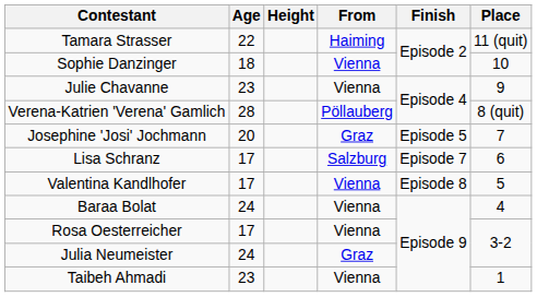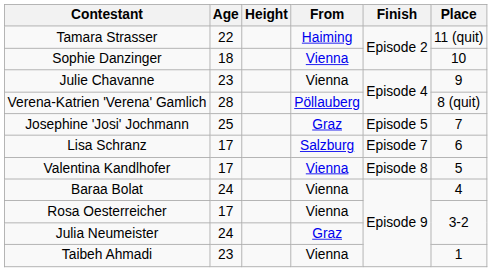 <table class="wikitable sortable" style="text-align:center;">
 <tr>
 <th>Contestant</th>
 <th>Age</th>
 <th>Height</th>
 <th>From</th>
 <th>Finish</th>
 <th>Place</th>
 </tr>
 <tr>
 <td>Tamara Strasser </td>
 <td>22</td>
 <td></td>
 <td><a href='#'>Haiming</a></td>
 <td rowspan="2">Episode 2</td>
 <td>11 (quit)</td>
 </tr>
 <tr>
 <td>Sophie Danzinger </td>
 <td>18</td>
 <td></td>
 <td><a href='#'>Vienna</a></td>
 <td>10</td>
 </tr>
 <tr>
 <td>Julie Chavanne </td>
 <td>23</td>
 <td></td>
 <td>Vienna</td>
 <td rowspan="2">Episode 4</td>
 <td>9</td>
 </tr>
 <tr>
 <td>Verena-Katrien 'Verena' Gamlich </td>
 <td>28</td>
 <td></td>
 <td><a href='#'>Pöllauberg</a></td>
 <td>8 (quit)</td>
 </tr>
 <tr>
 <td>Josephine 'Josi' Jochmann </td>
-<td>20</td>
+<td>25</td>
 <td></td>
 <td><a href='#'>Graz</a></td>
 <td>Episode 5</td>
 <td>7</td>
 </tr>
 <tr>
 <td>Lisa Schranz </td>
 <td>17</td>
 <td></td>
 <td><a href='#'>Salzburg</a></td>
 <td>Episode 7</td>
 <td>6</td>
 </tr>
 <tr>
 <td>Valentina Kandlhofer </td>
 <td>17</td>
 <td></td>
 <td><a href='#'>Vienna</a></td>
 <td>Episode 8</td>
 <td>5</td>
 </tr>
 <tr>
 <td>Baraa Bolat</td>
 <td>24</td>
 <td></td>
 <td>Vienna</td>
 <td rowspan="4">Episode 9</td>
 <td>4</td>
 </tr>
 <tr>
 <td>Rosa Oesterreicher</td>
 <td>17</td>
 <td></td>
 <td>Vienna</td>
 <td rowspan="2">3-2</td>
 </tr>
 <tr>
 <td>Julia Neumeister</td>
 <td>24</td>
 <td></td>
 <td><a href='#'>Graz</a></td>
 </tr>
 <tr>
 <td>Taibeh Ahmadi</td>
 <td>23</td>
 <td></td>
 <td>Vienna</td>
 <td>1</td>
 </tr>
 </table>
